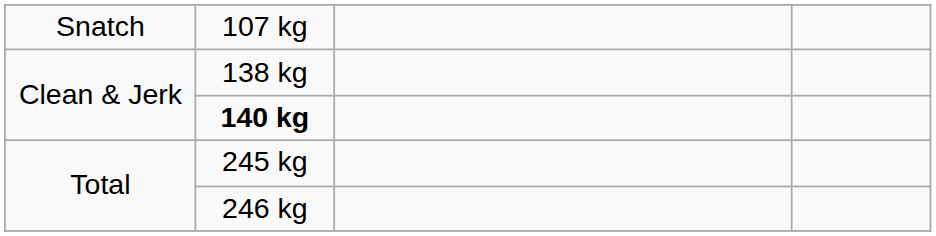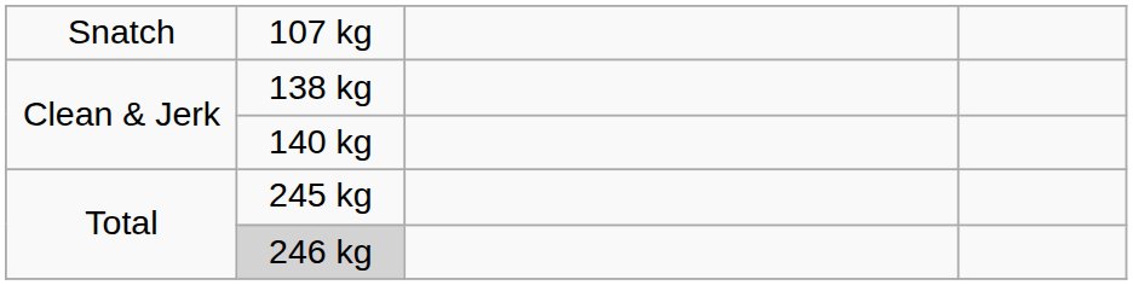 <table class = "wikitable" style="text-align:center;">
 <tr>
 <td width=100>Snatch</td>
 <td width=70>107 kg</td>
 <td width=250 align=left></td>
 <td width=70></td>
 </tr>
 <tr>
 <td rowspan=2>Clean & Jerk</td>
 <td>138 kg</td>
 <td align=left></td>
 <td></td>
 </tr>
 <tr>
-<td><strong>140 kg</strong></td>
+<td>140 kg</td>
 <td align=left></td>
 <td></td>
 </tr>
 <tr>
 <td rowspan=2>Total</td>
 <td>245 kg</td>
 <td align=left></td>
 <td></td>
 </tr>
 <tr>
-<td>246 kg</td>
+<td style="background: lightgrey;">246 kg</td>
 <td align=left></td>
 <td></td>
 </tr>
 </table>
